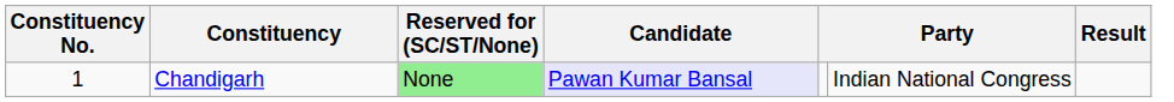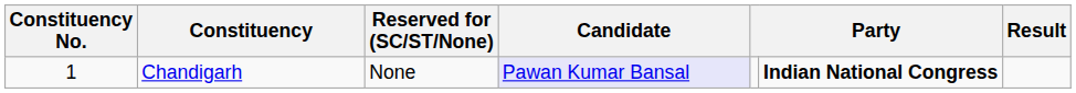 <table class= "wikitable sortable">
 <tr>
 <th>Constituency <br> No.</th>
 <th style="width:180px;">Constituency</th>
 <th>Reserved for<br>(SC/ST/None)</th>
 <th style="width:200px;">Candidate</th>
 <th colspan="2">Party</th>
 <th>Result</th>
 </tr>
 <tr>
 <td align="center">1</td>
 <td><a href='#'>Chandigarh</a></td>
-<td style="background: lightgreen;">None</td>
+<td>None</td>
 <td style="background: lavender;"><a href='#'>Pawan Kumar Bansal</a></td>
 <td bgcolor=></td>
-<td>Indian National Congress</td>
+<td><strong>Indian National Congress</strong></td>
 <td></td>
 </tr>
 </table>
